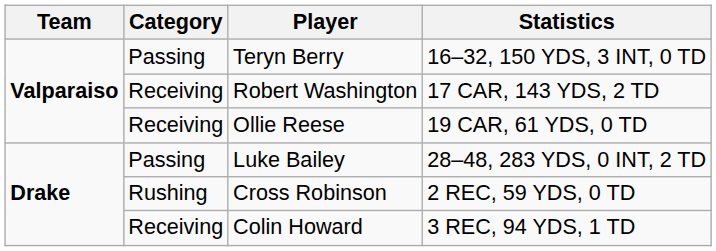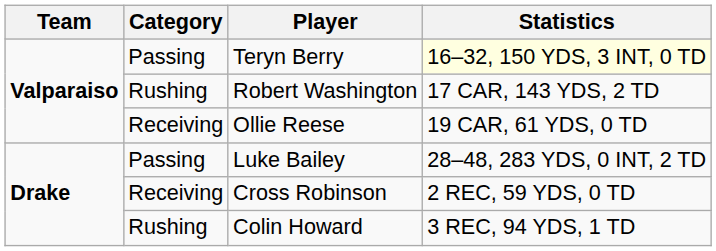 <table class="wikitable" style="float: right;">
 <tr>
 <th>Team</th>
 <th>Category</th>
 <th>Player</th>
 <th>Statistics</th>
 </tr>
 <tr>
 <td rowspan=3><strong>Valparaiso</strong></td>
 <td>Passing</td>
 <td>Teryn Berry</td>
-<td>16–32, 150 YDS, 3 INT, 0 TD</td>
+<td style="background: lightyellow;">16–32, 150 YDS, 3 INT, 0 TD</td>
 </tr>
 <tr>
-<td>Receiving</td>
+<td>Rushing</td>
 <td>Robert Washington</td>
 <td>17 CAR, 143 YDS, 2 TD</td>
 </tr>
 <tr>
 <td>Receiving</td>
 <td>Ollie Reese</td>
 <td>19 CAR, 61 YDS, 0 TD</td>
 </tr>
 <tr>
 <td rowspan=3><strong>Drake</strong></td>
 <td>Passing</td>
 <td>Luke Bailey</td>
 <td>28–48, 283 YDS, 0 INT, 2 TD</td>
 </tr>
 <tr>
-<td>Rushing</td>
+<td>Receiving</td>
 <td>Cross Robinson</td>
 <td>2 REC, 59 YDS, 0 TD</td>
 </tr>
 <tr>
-<td>Receiving</td>
+<td>Rushing</td>
 <td>Colin Howard</td>
 <td>3 REC, 94 YDS, 1 TD</td>
 </tr>
 </table>
